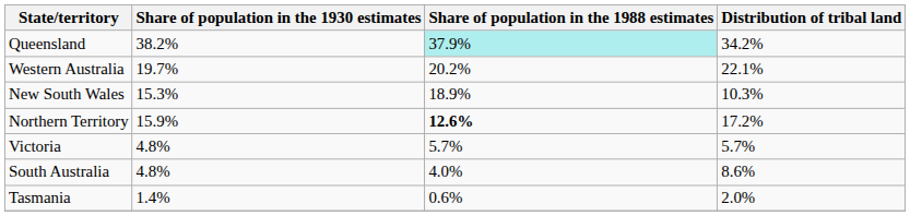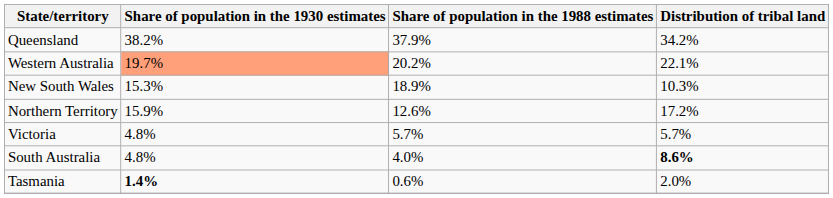 <table class="wikitable">
 <tr>
 <th>State/territory</th>
 <th>Share of population in the 1930 estimates</th>
 <th>Share of population in the 1988 estimates</th>
 <th>Distribution of tribal land</th>
 </tr>
 <tr>
 <td>Queensland</td>
 <td>38.2%</td>
-<td style="background: paleturquoise;">37.9%</td>
+<td>37.9%</td>
 <td>34.2%</td>
 </tr>
 <tr>
 <td>Western Australia</td>
-<td>19.7%</td>
+<td style="background: lightsalmon;">19.7%</td>
 <td>20.2%</td>
 <td>22.1%</td>
 </tr>
 <tr>
 <td>New South Wales</td>
 <td>15.3%</td>
 <td>18.9%</td>
 <td>10.3%</td>
 </tr>
 <tr>
 <td>Northern Territory</td>
 <td>15.9%</td>
-<td><strong>12.6%</strong></td>
+<td>12.6%</td>
 <td>17.2%</td>
 </tr>
 <tr>
 <td>Victoria</td>
 <td>4.8%</td>
 <td>5.7%</td>
 <td>5.7%</td>
 </tr>
 <tr>
 <td>South Australia</td>
 <td>4.8%</td>
 <td>4.0%</td>
-<td>8.6%</td>
+<td><strong>8.6%</strong></td>
 </tr>
 <tr>
 <td>Tasmania</td>
-<td>1.4%</td>
+<td><strong>1.4%</strong></td>
 <td>0.6%</td>
 <td>2.0%</td>
 </tr>
 <tr>
 </tr>
 </table>
